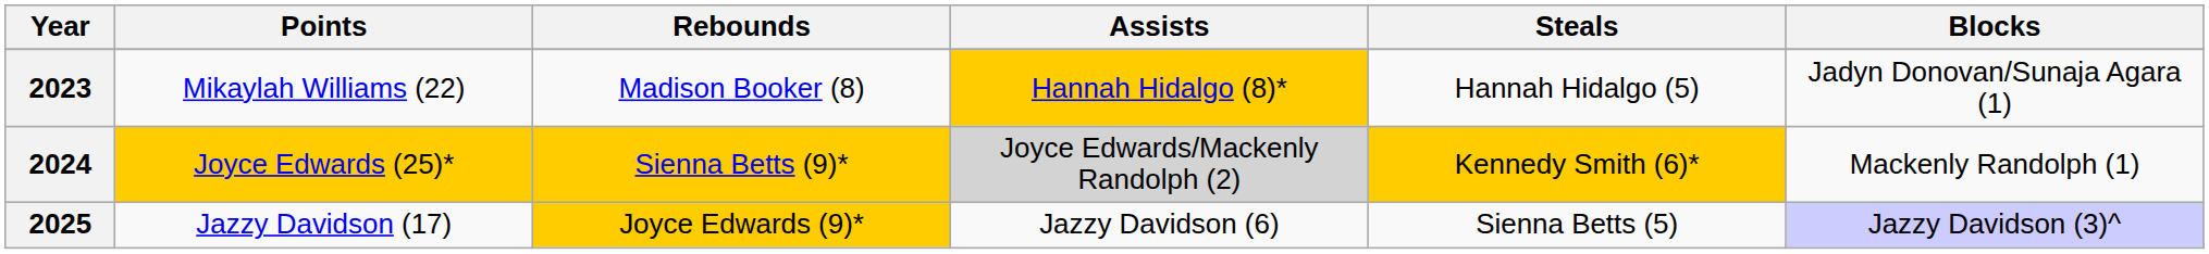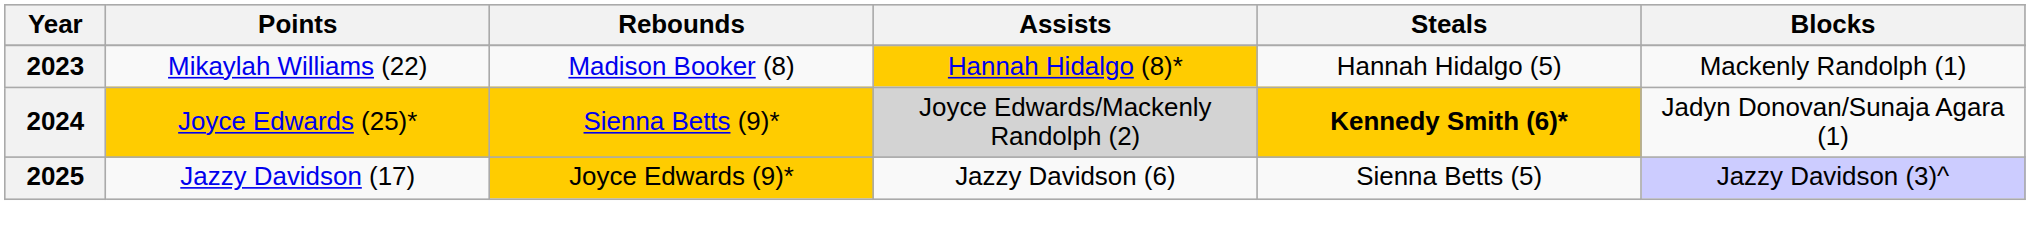 <table class="wikitable sortable" style="text-align:center">
 <tr>
 <th class="unsortable" style="width:5%">Year</th>
 <th class="unsortable" style="width:19%">Points</th>
 <th class="unsortable" style="width:19%">Rebounds</th>
 <th class="unsortable" style="width:19%">Assists</th>
 <th class="unsortable" style="width:19%">Steals</th>
 <th class="unsortable" style="width:19%">Blocks</th>
 </tr>
 <tr>
 </tr>
 <tr>
 <th>2023</th>
 <td><a href='#'>Mikaylah Williams</a> (22)</td>
 <td><a href='#'>Madison Booker</a> (8)</td>
 <td style="background-color:#FFCC00"><a href='#'>Hannah Hidalgo</a> (8)*</td>
 <td>Hannah Hidalgo (5)</td>
-<td>Jadyn Donovan/Sunaja Agara (1)</td>
+<td>Mackenly Randolph (1)</td>
 </tr>
 <tr>
 <th>2024</th>
 <td style="background-color:#FFCC00"><a href='#'>Joyce Edwards</a> (25)*</td>
 <td style="background-color:#FFCC00"><a href='#'>Sienna Betts</a> (9)*</td>
 <td style="background: lightgrey;">Joyce Edwards/Mackenly Randolph (2)</td>
-<td style="background-color:#FFCC00">Kennedy Smith (6)*</td>
-<td>Mackenly Randolph (1)</td>
+<td style="background-color:#FFCC00"><strong>Kennedy Smith (6)*</strong></td>
+<td>Jadyn Donovan/Sunaja Agara (1)</td>
 </tr>
 <tr>
 <th>2025</th>
 <td><a href='#'>Jazzy Davidson</a> (17)</td>
 <td style="background-color:#FFCC00">Joyce Edwards (9)*</td>
 <td>Jazzy Davidson (6)</td>
 <td>Sienna Betts (5)</td>
 <td style="background-color:#CCCCFF">Jazzy Davidson (3)^</td>
 </tr>
 </table>
